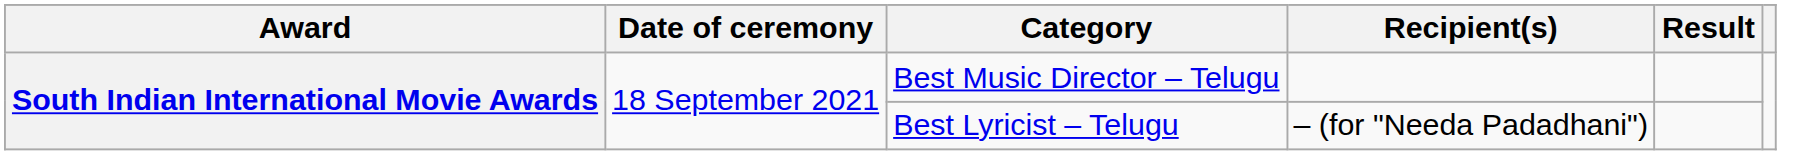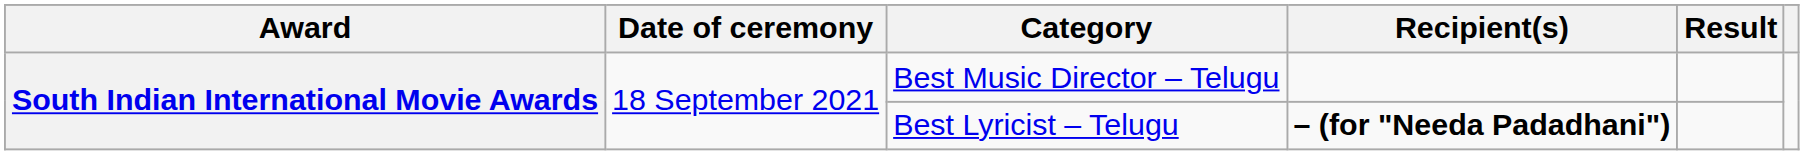 <table class="wikitable plainrowheaders sortable">
 <tr>
 <th scope="col">Award</th>
 <th scope="col">Date of ceremony</th>
 <th scope="col">Category</th>
 <th scope="col">Recipient(s)</th>
 <th scope="col">Result</th>
 <th scope="col" class="unsortable"></th>
 </tr>
 <tr>
 <th rowspan="2" scope="row"><a href='#'>South Indian International Movie Awards</a></th>
 <td rowspan="2"><a href='#'>18 September 2021</a></td>
 <td><a href='#'>Best Music Director – Telugu</a></td>
 <td></td>
 <td></td>
 <td rowspan="2" style="text-align:center;"><br></td>
 </tr>
 <tr>
 <td><a href='#'>Best Lyricist – Telugu</a></td>
-<td> – (for "Needa Padadhani")</td>
+<td><strong> – (for "Needa Padadhani")</strong></td>
 <td></td>
 </tr>
 </table>
